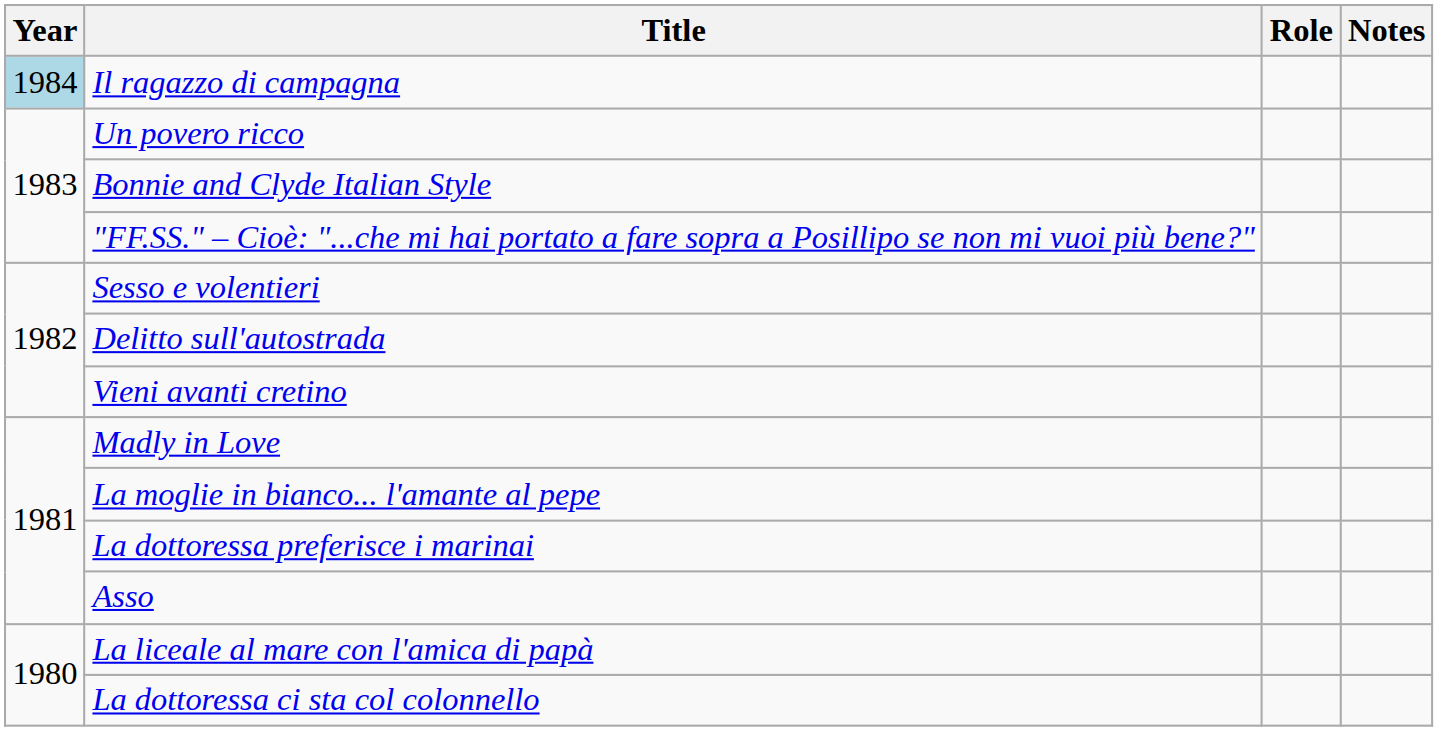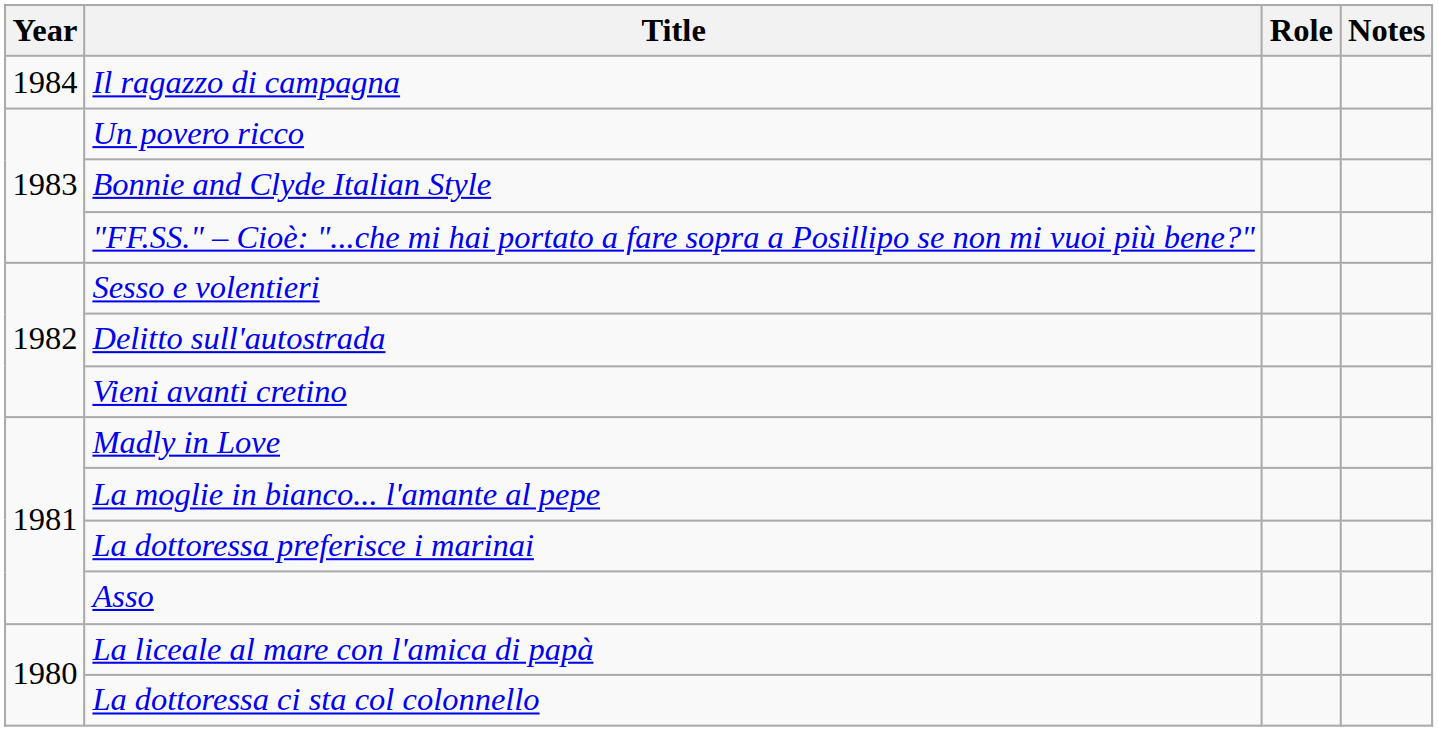 <table class="wikitable sortable">
 <tr>
 <th>Year</th>
 <th>Title</th>
 <th>Role</th>
 <th class="unsortable">Notes</th>
 </tr>
 <tr>
-<td style="background: lightblue;">1984</td>
+<td>1984</td>
 <td><em><a href='#'>Il ragazzo di campagna</a></em></td>
 <td></td>
 <td></td>
 </tr>
 <tr>
 <td rowspan=3>1983</td>
 <td><em><a href='#'>Un povero ricco</a></em></td>
 <td></td>
 <td></td>
 </tr>
 <tr>
 <td><em><a href='#'>Bonnie and Clyde Italian Style</a></em></td>
 <td></td>
 <td></td>
 </tr>
 <tr>
 <td><em><a href='#'>"FF.SS." – Cioè: "...che mi hai portato a fare sopra a Posillipo se non mi vuoi più bene?"</a></em></td>
 <td></td>
 <td></td>
 </tr>
 <tr>
 <td rowspan=3>1982</td>
 <td><em><a href='#'>Sesso e volentieri</a></em></td>
 <td></td>
 <td></td>
 </tr>
 <tr>
 <td><em><a href='#'>Delitto sull'autostrada</a></em></td>
 <td></td>
 <td></td>
 </tr>
 <tr>
 <td><em><a href='#'>Vieni avanti cretino</a></em></td>
 <td></td>
 <td></td>
 </tr>
 <tr>
 <td rowspan=4>1981</td>
 <td><em><a href='#'>Madly in Love</a></em></td>
 <td></td>
 <td></td>
 </tr>
 <tr>
 <td><em><a href='#'>La moglie in bianco... l'amante al pepe</a></em></td>
 <td></td>
 <td></td>
 </tr>
 <tr>
 <td><em><a href='#'>La dottoressa preferisce i marinai</a></em></td>
 <td></td>
 <td></td>
 </tr>
 <tr>
 <td><em><a href='#'>Asso</a></em></td>
 <td></td>
 <td></td>
 </tr>
 <tr>
 <td rowspan=2>1980</td>
 <td><em><a href='#'>La liceale al mare con l'amica di papà</a></em></td>
 <td></td>
 <td></td>
 </tr>
 <tr>
 <td><em><a href='#'>La dottoressa ci sta col colonnello</a></em></td>
 <td></td>
 <td></td>
 </tr>
 </table>
